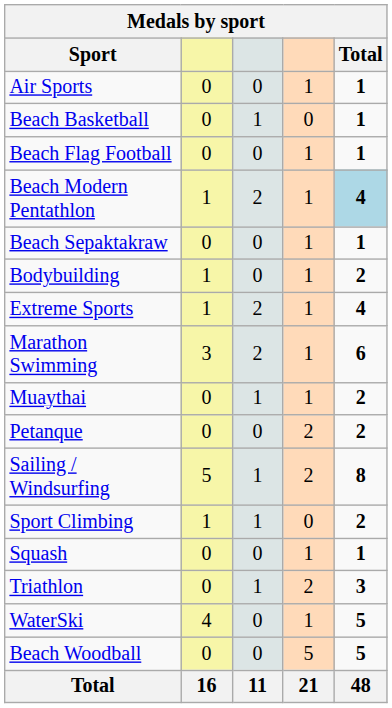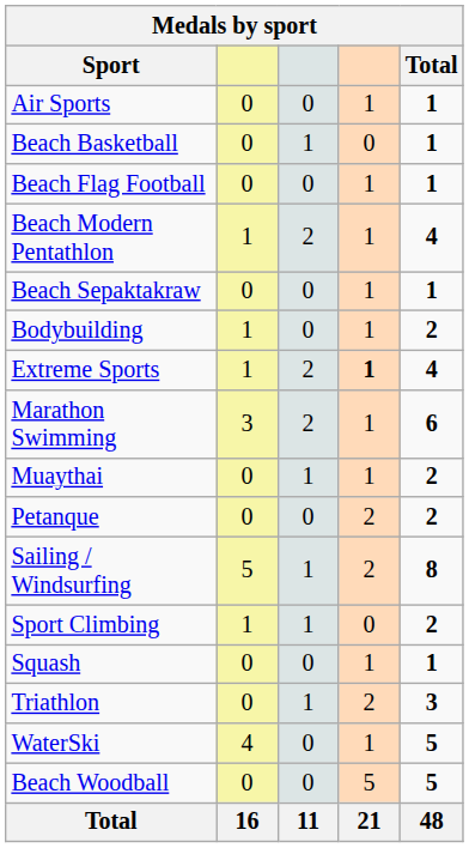 <table class="wikitable" style="font-size:90%; text-align:center;">
 <tr>
 <th colspan=5>Medals by sport</th>
 </tr>
 <tr>
 <th width=120>Sport</th>
 <th scope="col" width=30 style="background:#F7F6A8;"></th>
 <th scope="col" width=30 style="background:#DCE5E5;"></th>
 <th scope="col" width=30 style="background:#FFDAB9;"></th>
 <th width=30>Total</th>
 </tr>
 <tr>
 <td align=left><a href='#'>Air Sports</a></td>
 <td style="background:#F7F6A8;">0</td>
 <td style="background:#DCE5E5;">0</td>
 <td style="background:#FFDAB9;">1</td>
 <td><strong>1</strong></td>
 </tr>
 <tr>
 <td align=left><a href='#'>Beach Basketball</a></td>
 <td style="background:#F7F6A8;">0</td>
 <td style="background:#DCE5E5;">1</td>
 <td style="background:#FFDAB9;">0</td>
 <td><strong>1</strong></td>
 </tr>
 <tr>
 <td align=left><a href='#'>Beach Flag Football</a></td>
 <td style="background:#F7F6A8;">0</td>
 <td style="background:#DCE5E5;">0</td>
 <td style="background:#FFDAB9;">1</td>
 <td><strong>1</strong></td>
 </tr>
 <tr>
 <td align=left><a href='#'>Beach Modern Pentathlon</a></td>
 <td style="background:#F7F6A8;">1</td>
 <td style="background:#DCE5E5;">2</td>
 <td style="background:#FFDAB9;">1</td>
-<td style="background: lightblue;"><strong>4</strong></td>
+<td><strong>4</strong></td>
 </tr>
 <tr>
 <td align=left><a href='#'>Beach Sepaktakraw</a></td>
 <td style="background:#F7F6A8;">0</td>
 <td style="background:#DCE5E5;">0</td>
 <td style="background:#FFDAB9;">1</td>
 <td><strong>1</strong></td>
 </tr>
 <tr>
 <td align=left><a href='#'>Bodybuilding</a></td>
 <td style="background:#F7F6A8;">1</td>
 <td style="background:#DCE5E5;">0</td>
 <td style="background:#FFDAB9;">1</td>
 <td><strong>2</strong></td>
 </tr>
 <tr>
 <td align=left><a href='#'>Extreme Sports</a></td>
 <td style="background:#F7F6A8;">1</td>
 <td style="background:#DCE5E5;">2</td>
-<td style="background:#FFDAB9;">1</td>
+<td style="background:#FFDAB9;"><strong>1</strong></td>
 <td><strong>4</strong></td>
 </tr>
 <tr>
 <td align=left><a href='#'>Marathon Swimming</a></td>
 <td style="background:#F7F6A8;">3</td>
 <td style="background:#DCE5E5;">2</td>
 <td style="background:#FFDAB9;">1</td>
 <td><strong>6</strong></td>
 </tr>
 <tr>
 <td align=left><a href='#'>Muaythai</a></td>
 <td style="background:#F7F6A8;">0</td>
 <td style="background:#DCE5E5;">1</td>
 <td style="background:#FFDAB9;">1</td>
 <td><strong>2</strong></td>
 </tr>
 <tr>
 <td align=left><a href='#'>Petanque</a></td>
 <td style="background:#F7F6A8;">0</td>
 <td style="background:#DCE5E5;">0</td>
 <td style="background:#FFDAB9;">2</td>
 <td><strong>2</strong></td>
 </tr>
 <tr>
 <td align=left><a href='#'>Sailing / Windsurfing</a></td>
 <td style="background:#F7F6A8;">5</td>
 <td style="background:#DCE5E5;">1</td>
 <td style="background:#FFDAB9;">2</td>
 <td><strong>8</strong></td>
 </tr>
 <tr>
 <td align=left><a href='#'>Sport Climbing</a></td>
 <td style="background:#F7F6A8;">1</td>
 <td style="background:#DCE5E5;">1</td>
 <td style="background:#FFDAB9;">0</td>
 <td><strong>2</strong></td>
 </tr>
 <tr>
 <td align=left><a href='#'>Squash</a></td>
 <td style="background:#F7F6A8;">0</td>
 <td style="background:#DCE5E5;">0</td>
 <td style="background:#FFDAB9;">1</td>
 <td><strong>1</strong></td>
 </tr>
 <tr>
 <td align=left><a href='#'>Triathlon</a></td>
 <td style="background:#F7F6A8;">0</td>
 <td style="background:#DCE5E5;">1</td>
 <td style="background:#FFDAB9;">2</td>
 <td><strong>3</strong></td>
 </tr>
 <tr>
 <td align=left><a href='#'>WaterSki</a></td>
 <td style="background:#F7F6A8;">4</td>
 <td style="background:#DCE5E5;">0</td>
 <td style="background:#FFDAB9;">1</td>
 <td><strong>5</strong></td>
 </tr>
 <tr>
 <td align=left><a href='#'>Beach Woodball</a></td>
 <td style="background:#F7F6A8;">0</td>
 <td style="background:#DCE5E5;">0</td>
 <td style="background:#FFDAB9;">5</td>
 <td><strong>5</strong></td>
 </tr>
 <tr class="sortbottom">
 <th>Total</th>
 <th>16</th>
 <th>11</th>
 <th>21</th>
 <th>48</th>
 </tr>
 </table>
